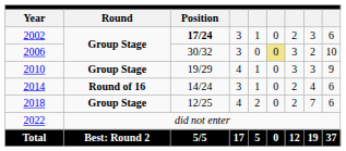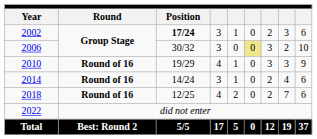 <table class="wikitable" style="text-align: center;">
 <tr>
 <th colspan=9 style="background: #000000; color: #FFFFFF;"><a href='#'></a></th>
 </tr>
 <tr>
 <th width=80>Year</th>
 <th width=150>Round</th>
 <th width=80>Position</th>
 <th width=20></th>
 <th width=20></th>
 <th width=20></th>
 <th width=20></th>
 <th width=20></th>
 <th width=20></th>
 </tr>
 <tr>
 <td> <a href='#'>2002</a></td>
 <td rowspan="2" colspan="1"><strong>Group Stage</strong></td>
 <td><strong>17/24</strong></td>
 <td>3</td>
 <td>1</td>
 <td>0</td>
 <td>2</td>
 <td>3</td>
 <td>6</td>
 </tr>
 <tr>
 <td> <a href='#'>2006</a></td>
 <td>30/32</td>
 <td>3</td>
 <td>0</td>
 <td style="background: khaki;">0</td>
 <td>3</td>
 <td>2</td>
 <td>10</td>
 </tr>
 <tr>
 <td> <a href='#'>2010</a></td>
-<td><strong>Group Stage</strong></td>
+<td><strong>Round of 16</strong></td>
 <td>19/29</td>
 <td>4</td>
 <td>1</td>
 <td>0</td>
 <td>3</td>
 <td>3</td>
 <td>9</td>
 </tr>
 <tr>
 <td> <a href='#'>2014</a></td>
 <td><strong>Round of 16</strong></td>
 <td>14/24</td>
 <td>3</td>
 <td>1</td>
 <td>0</td>
 <td>2</td>
 <td>4</td>
 <td>6</td>
 </tr>
 <tr>
 <td> <a href='#'>2018</a></td>
-<td><strong>Group Stage</strong></td>
+<td><strong>Round of 16</strong></td>
 <td>12/25</td>
 <td>4</td>
 <td>2</td>
 <td>0</td>
 <td>2</td>
 <td>7</td>
 <td>6</td>
 </tr>
 <tr>
 <td> <a href='#'>2022</a></td>
 <td colspan="8"><em>did not enter</em></td>
 </tr>
 <tr>
 <td style="background: #000000; color: #FFFFFF;"><strong>Total</strong></td>
 <td style="background: #000000; color: #FFFFFF;"><strong>Best: Round 2</strong></td>
 <td style="background: #000000; color: #FFFFFF;"><strong>5/5</strong></td>
 <td style="background: #000000; color: #FFFFFF;"><strong>17</strong></td>
 <td style="background: #000000; color: #FFFFFF;"><strong>5</strong></td>
 <td style="background: #000000; color: #FFFFFF;"><strong>0</strong></td>
 <td style="background: #000000; color: #FFFFFF;"><strong>12</strong></td>
 <td style="background: #000000; color: #FFFFFF;"><strong>19</strong></td>
 <td style="background: #000000; color: #FFFFFF;"><strong>37</strong></td>
 </tr>
 </table>
